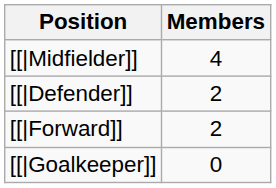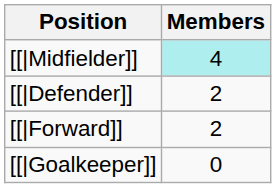 <table | class="wikitable sortable">
 <tr>
 <th>Position</th>
 <th>Members</th>
 </tr>
 <tr>
 <td align=left>[[|Midfielder]]</td>
-<td align=center>4</td>
+<td align=center style="background: paleturquoise;">4</td>
 </tr>
 <tr>
 <td align=left>[[|Defender]]</td>
 <td align=center>2</td>
 </tr>
 <tr>
 <td align=left>[[|Forward]]</td>
 <td align=center>2</td>
 </tr>
 <tr>
 <td align=left>[[|Goalkeeper]]</td>
 <td align=center>0</td>
 </tr>
 </table>
